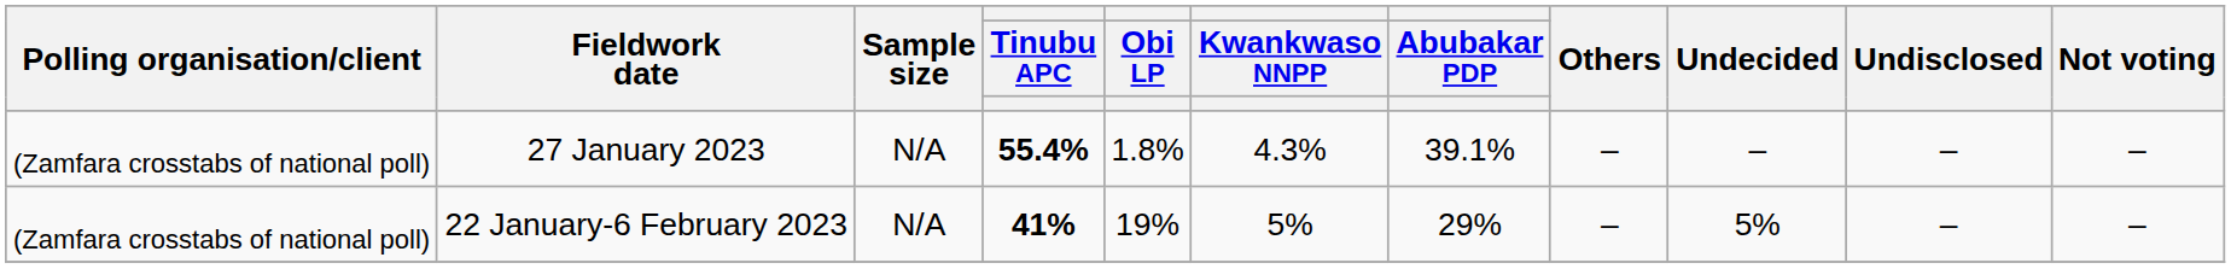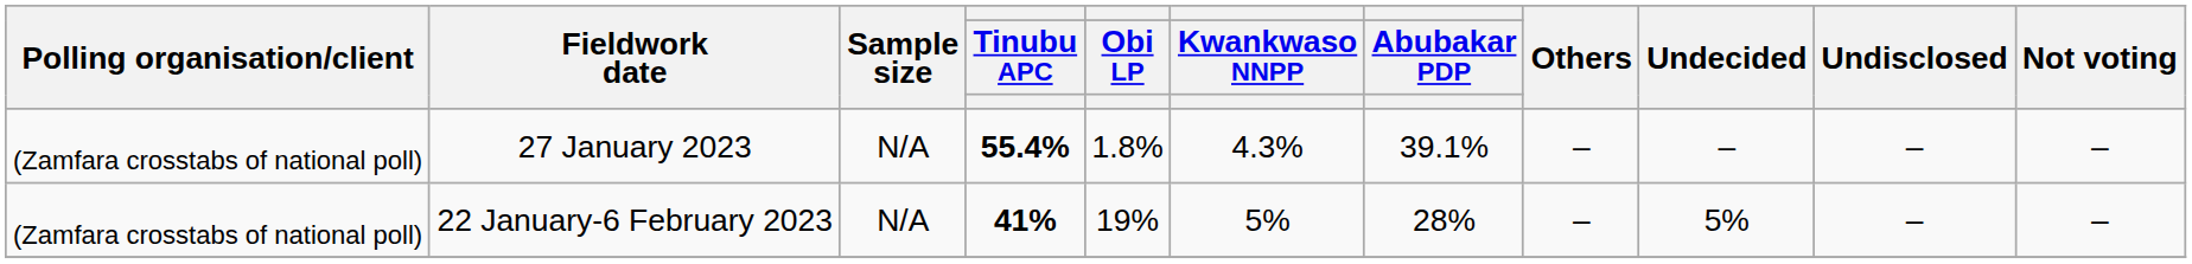 <table class="wikitable" style="text-align:center;font-size:95%;line-height:14px;">
 <tr>
 <th rowspan="3">Polling organisation/client</th>
 <th rowspan="3">Fieldwork<br>date</th>
 <th rowspan="3">Sample<br>size</th>
 <th></th>
 <th></th>
 <th></th>
 <th></th>
 <th rowspan="3">Others</th>
 <th rowspan="3">Undecided</th>
 <th rowspan="3">Undisclosed</th>
 <th rowspan="3">Not voting</th>
 </tr>
 <tr>
 <th><a href='#'>Tinubu</a><br><small><a href='#'>APC</a></small></th>
 <th><a href='#'>Obi</a><br><small><a href='#'>LP</a></small></th>
 <th><a href='#'>Kwankwaso</a><br><small><a href='#'>NNPP</a></small></th>
 <th><a href='#'>Abubakar</a><br><small><a href='#'>PDP</a></small></th>
 </tr>
 <tr>
 <th style="background:"></th>
 <th style="background:"></th>
 <th style="background:"></th>
 <th style="background:"></th>
 </tr>
 <tr>
 <td><br><small>(Zamfara crosstabs of national poll)</small></td>
 <td>27 January 2023</td>
 <td>N/A</td>
 <td><strong>55.4%</strong></td>
 <td>1.8%</td>
 <td>4.3%</td>
 <td>39.1%</td>
 <td>–</td>
 <td>–</td>
 <td>–</td>
 <td>–</td>
 </tr>
 <tr>
 <td><br><small>(Zamfara crosstabs of national poll)</small></td>
 <td>22 January-6 February 2023</td>
 <td>N/A</td>
 <td><strong>41%</strong></td>
 <td>19%</td>
 <td>5%</td>
-<td>29%</td>
+<td>28%</td>
 <td>–</td>
 <td>5%</td>
 <td>–</td>
 <td>–</td>
 </tr>
 <tr>
 </tr>
 </table>
